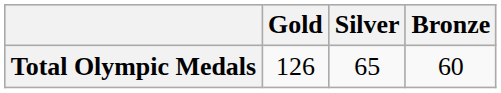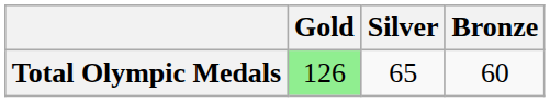 <table class="wikitable" style="text-align:center">
 <tr>
 <th> </th>
 <th>Gold</th>
 <th>Silver</th>
 <th>Bronze</th>
 </tr>
 <tr>
 <th>Total Olympic Medals</th>
-<td>126</td>
+<td style="background: lightgreen;">126</td>
 <td>65</td>
 <td>60</td>
 </tr>
 </table>
